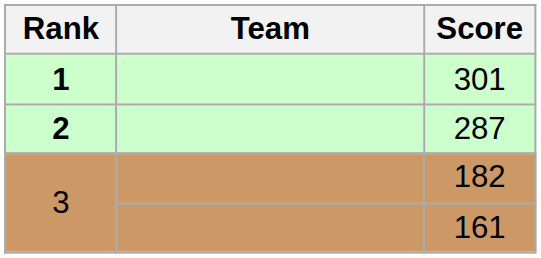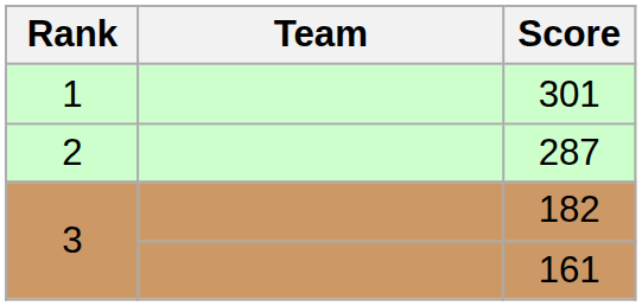 <table class="wikitable" style="text-align: center;">
 <tr>
 <th width=50>Rank</th>
 <th width=150>Team</th>
 <th width=50>Score</th>
 </tr>
 <tr bgcolor=#ccffcc>
-<td><strong>1</strong></td>
+<td>1</td>
 <td style="text-align:left;"></td>
 <td>301</td>
 </tr>
 <tr bgcolor=#ccffcc>
-<td><strong>2</strong></td>
+<td>2</td>
 <td style="text-align:left;"></td>
 <td>287</td>
 </tr>
 <tr bgcolor=#cc9966>
 <td rowspan=2>3</td>
 <td style="text-align:left;"></td>
 <td>182</td>
 </tr>
 <tr bgcolor=#cc9966>
 <td style="text-align:left;"></td>
 <td>161</td>
 </tr>
 </table>
